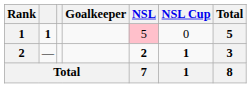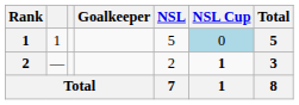 <table class="wikitable sortable" style="text-align:center">
 <tr>
 <th>Rank</th>
 <th></th>
 <th></th>
 <th>Goalkeeper</th>
 <th><a href='#'>NSL</a></th>
 <th><a href='#'>NSL Cup</a></th>
 <th>Total</th>
 </tr>
 <tr>
 <th>1</th>
-<td><strong>1</strong></td>
+<td>1</td>
 <td></td>
 <td align="left"></td>
-<td style="background: pink;">5</td>
-<td>0</td>
+<td>5</td>
+<td style="background: lightblue;">0</td>
 <th>5</th>
 </tr>
 <tr>
 <th>2</th>
 <td>—</td>
 <td></td>
 <td align="left"></td>
-<td><strong>2</strong></td>
+<td>2</td>
 <td><strong>1</strong></td>
 <th>3</th>
 </tr>
 <tr>
 <th colspan="4">Total</th>
 <th>7</th>
 <th>1</th>
 <th>8</th>
 </tr>
 </table>
